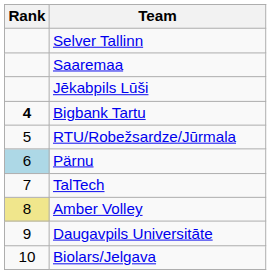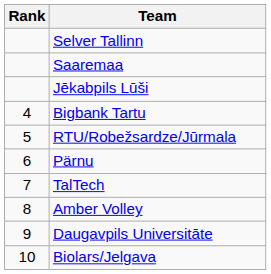 <table class=wikitable style="text-align:center">
 <tr>
 <th width=40>Rank</th>
 <th width=220>Team</th>
 </tr>
 <tr>
 <td></td>
 <td align=left> <a href='#'>Selver Tallinn</a></td>
 </tr>
 <tr>
 <td></td>
 <td align=left> <a href='#'>Saaremaa</a></td>
 </tr>
 <tr>
 <td></td>
 <td align=left> <a href='#'>Jēkabpils Lūši</a></td>
 </tr>
 <tr>
-<td><strong>4</strong></td>
+<td>4</td>
 <td align=left> <a href='#'>Bigbank Tartu</a></td>
 </tr>
 <tr>
 <td>5</td>
 <td align=left> <a href='#'>RTU/Robežsardze/Jūrmala</a></td>
 </tr>
 <tr>
-<td style="background: lightblue;">6</td>
+<td>6</td>
 <td align=left> <a href='#'>Pärnu</a></td>
 </tr>
 <tr>
 <td>7</td>
 <td align=left> <a href='#'>TalTech</a></td>
 </tr>
 <tr>
-<td style="background: khaki;">8</td>
+<td>8</td>
 <td align=left> <a href='#'>Amber Volley</a></td>
 </tr>
 <tr>
 <td>9</td>
 <td align=left> <a href='#'>Daugavpils Universitāte</a></td>
 </tr>
 <tr>
 <td>10</td>
 <td align=left> <a href='#'>Biolars/Jelgava</a></td>
 </tr>
 </table>
